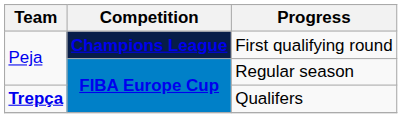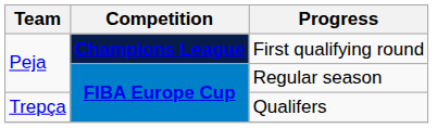 <table class="wikitable sortable">
 <tr>
 <th>Team</th>
 <th>Competition</th>
 <th>Progress</th>
 </tr>
 <tr>
 <td rowspan=2><a href='#'>Peja</a></td>
 <td rowspan="1" style="background-color:#071D49;color:#D0D3D4;text-align:center"><strong><span><a href='#'>Champions League</a></span></strong></td>
 <td>First qualifying round</td>
 </tr>
 <tr>
 <td rowspan=2 style="background-color:#0080C8;color:white;text-align:center"><strong><span><a href='#'>FIBA Europe Cup</a></span></strong></td>
 <td>Regular season</td>
 </tr>
 <tr>
-<td><strong><a href='#'>Trepça</a></strong></td>
+<td><a href='#'>Trepça</a></td>
 <td>Qualifers</td>
 </tr>
 <tr>
 </tr>
 </table>
